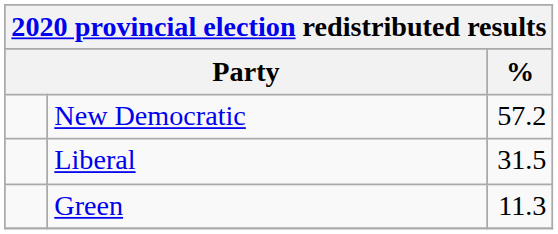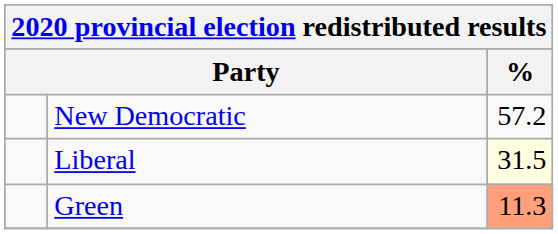 <table class="wikitable">
 <tr>
 <th colspan="4"><a href='#'>2020 provincial election</a> redistributed results</th>
 </tr>
 <tr>
 <th bgcolor="#DDDDFF" width="130px" colspan="2">Party</th>
 <th bgcolor="#DDDDFF" width="30px">%</th>
 </tr>
 <tr>
 <td> </td>
 <td><a href='#'>New Democratic</a></td>
 <td align=right>57.2</td>
 </tr>
 <tr>
 <td> </td>
 <td><a href='#'>Liberal</a></td>
-<td align=right>31.5</td>
+<td align=right style="background: lightyellow;">31.5</td>
 </tr>
 <tr>
 <td> </td>
 <td><a href='#'>Green</a></td>
-<td align=right>11.3</td>
+<td align=right style="background: lightsalmon;">11.3</td>
 </tr>
 <tr>
 </tr>
 </table>
